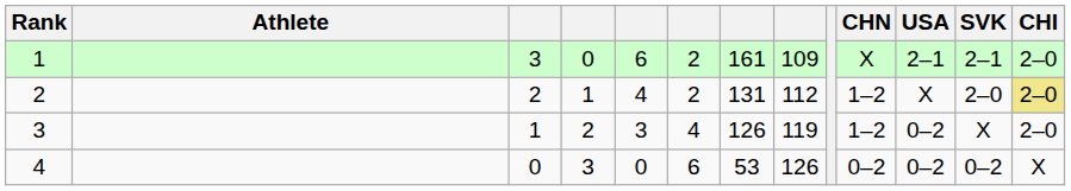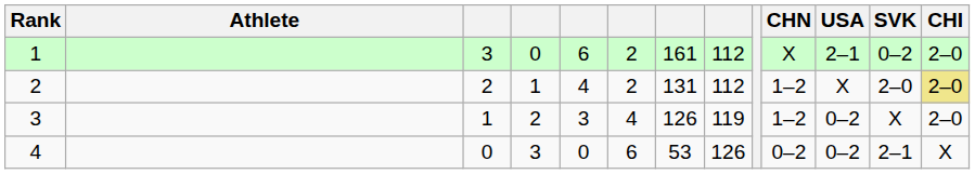 <table class="wikitable" style="text-align:center">
 <tr>
 <th width=40>Rank</th>
 <th width=300>Athlete</th>
 <th width=30></th>
 <th width=30></th>
 <th width=30></th>
 <th width=30></th>
 <th width=30></th>
 <th width=30></th>
 <th rowspan=5></th>
 <th width=30>CHN</th>
 <th width=30>USA</th>
 <th width=30>SVK</th>
 <th width=30>CHI</th>
 </tr>
 <tr style="background-color:#ccffcc;">
 <td>1</td>
 <td align=left></td>
 <td>3</td>
 <td>0</td>
 <td>6</td>
 <td>2</td>
 <td>161</td>
-<td>109</td>
+<td>112</td>
 <td>X</td>
 <td>2–1</td>
-<td>2–1</td>
+<td>0–2</td>
 <td>2–0</td>
 </tr>
 <tr>
 <td>2</td>
 <td align=left></td>
 <td>2</td>
 <td>1</td>
 <td>4</td>
 <td>2</td>
 <td>131</td>
 <td>112</td>
 <td>1–2</td>
 <td>X</td>
 <td>2–0</td>
 <td style="background: khaki;">2–0</td>
 </tr>
 <tr>
 <td>3</td>
 <td align=left></td>
 <td>1</td>
 <td>2</td>
 <td>3</td>
 <td>4</td>
 <td>126</td>
 <td>119</td>
 <td>1–2</td>
 <td>0–2</td>
 <td>X</td>
 <td>2–0</td>
 </tr>
 <tr>
 <td>4</td>
 <td align=left></td>
 <td>0</td>
 <td>3</td>
 <td>0</td>
 <td>6</td>
 <td>53</td>
 <td>126</td>
 <td>0–2</td>
 <td>0–2</td>
-<td>0–2</td>
+<td>2–1</td>
 <td>X</td>
 </tr>
 </table>
